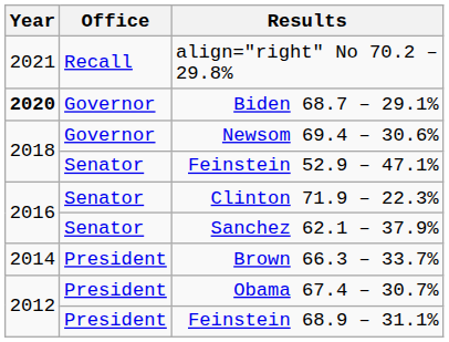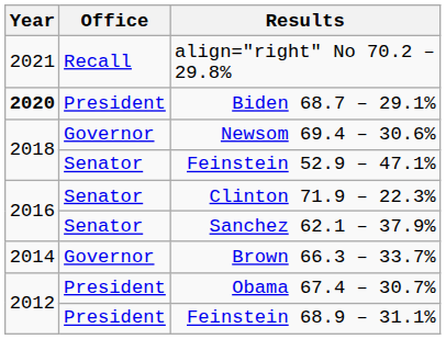 <table class=wikitable>
 <tr>
 <th width="30">Year</th>
 <th width="60">Office</th>
 <th width="180">Results</th>
 </tr>
 <tr>
 <td>2021</td>
 <td><a href='#'>Recall</a></td>
 <td>align="right"  No 70.2 – 29.8%</td>
 </tr>
 <tr>
 <td rowspan="1"><strong>2020</strong></td>
-<td><a href='#'>Governor</a></td>
+<td><a href='#'>President</a></td>
 <td align="right" ><a href='#'>Biden</a> 68.7 – 29.1%</td>
 </tr>
 <tr>
 <td rowspan="2">2018</td>
 <td><a href='#'>Governor</a></td>
 <td align="right" ><a href='#'>Newsom</a> 69.4 – 30.6%</td>
 </tr>
 <tr>
 <td><a href='#'>Senator</a></td>
 <td align="right" ><a href='#'>Feinstein</a> 52.9 – 47.1%</td>
 </tr>
 <tr>
 <td rowspan="2">2016</td>
 <td><a href='#'>Senator</a></td>
 <td align="right" ><a href='#'>Clinton</a> 71.9 – 22.3%</td>
 </tr>
 <tr>
 <td><a href='#'>Senator</a></td>
 <td align="right" ><a href='#'>Sanchez</a> 62.1 – 37.9%</td>
 </tr>
 <tr>
 <td>2014</td>
-<td><a href='#'>President</a></td>
+<td><a href='#'>Governor</a></td>
 <td align="right" ><a href='#'>Brown</a> 66.3 – 33.7%</td>
 </tr>
 <tr>
 <td rowspan="2">2012</td>
 <td><a href='#'>President</a></td>
 <td align="right" ><a href='#'>Obama</a> 67.4 – 30.7%</td>
 </tr>
 <tr>
 <td><a href='#'>President</a></td>
 <td align="right" ><a href='#'>Feinstein</a> 68.9 – 31.1%</td>
 </tr>
 </table>
